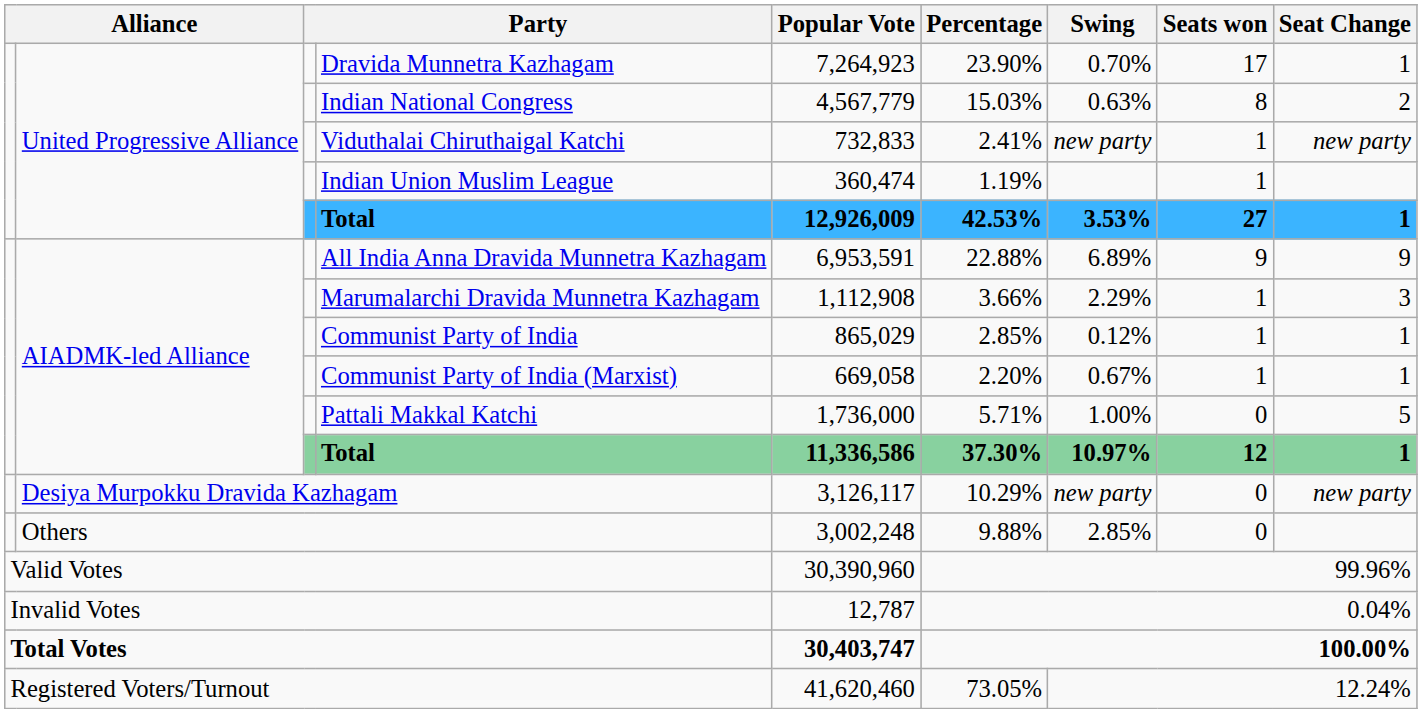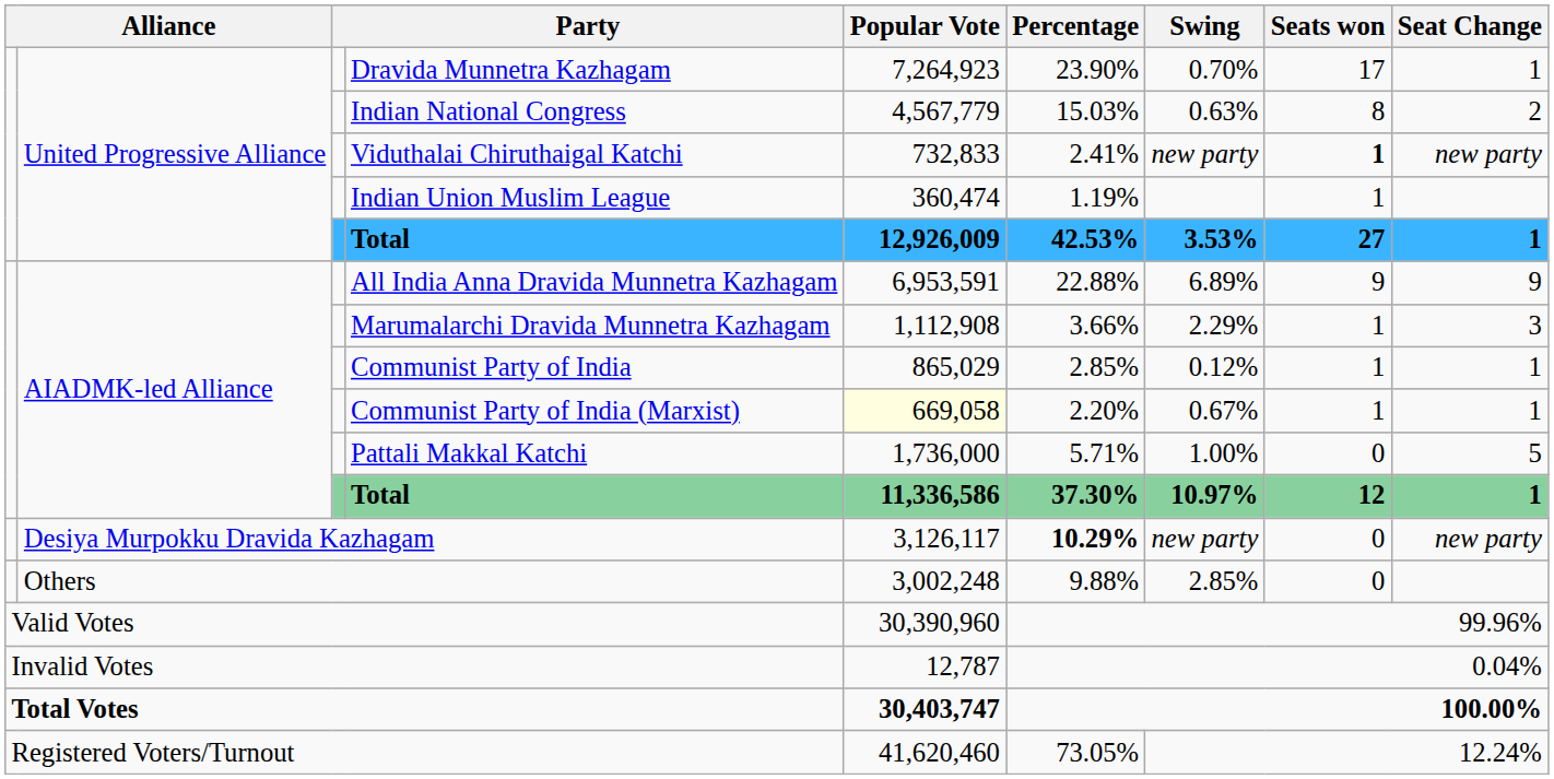 <table class='wikitable'>
 <tr>
 <th colspan="2" align=centre>Alliance</th>
 <th colspan="2" align=centre>Party</th>
 <th align=centre>Popular Vote</th>
 <th align=centre>Percentage</th>
 <th align=centre>Swing</th>
 <th align=centre>Seats won</th>
 <th align=centre>Seat Change</th>
 </tr>
 <tr>
 <td rowspan="5"></td>
 <td rowspan="5"><a href='#'>United Progressive Alliance</a></td>
 <td></td>
 <td><a href='#'>Dravida Munnetra Kazhagam</a></td>
 <td align=right>7,264,923</td>
 <td align=right>23.90%</td>
 <td align=right>0.70%</td>
 <td align=right>17</td>
 <td align=right>1</td>
 </tr>
 <tr>
 <td></td>
 <td><a href='#'>Indian National Congress</a></td>
 <td align=right>4,567,779</td>
 <td align=right>15.03%</td>
 <td align=right>0.63%</td>
 <td align=right>8</td>
 <td align=right>2</td>
 </tr>
 <tr>
 <td></td>
 <td><a href='#'>Viduthalai Chiruthaigal Katchi</a></td>
 <td align=right>732,833</td>
 <td align=right>2.41%</td>
 <td align=right><em>new party</em></td>
-<td align=right>1</td>
+<td align=right><strong>1</strong></td>
 <td align=right><em>new party</em></td>
 </tr>
 <tr>
 <td></td>
 <td><a href='#'>Indian Union Muslim League</a></td>
 <td align=right>360,474</td>
 <td align=right>1.19%</td>
 <td align=right></td>
 <td align=right>1</td>
 <td align=right></td>
 </tr>
 <tr>
 <td style="background:#3BB4FF"></td>
 <td style="background:#3BB4FF" align=left><strong>Total</strong></td>
 <td style="background:#3BB4FF" align=right><strong>12,926,009</strong></td>
 <td style="background:#3BB4FF" align=right><strong>42.53%</strong></td>
 <td style="background:#3BB4FF" align=right><strong>3.53%</strong></td>
 <td style="background:#3BB4FF" align=right><strong>27</strong></td>
 <td style="background:#3BB4FF" align=right><strong>1</strong></td>
 </tr>
 <tr>
 <td rowspan="6"></td>
 <td rowspan="6"><a href='#'>AIADMK-led Alliance</a></td>
 <td></td>
 <td><a href='#'>All India Anna Dravida Munnetra Kazhagam</a></td>
 <td align=right>6,953,591</td>
 <td align=right>22.88%</td>
 <td align=right>6.89%</td>
 <td align=right>9</td>
 <td align=right>9</td>
 </tr>
 <tr>
 <td></td>
 <td><a href='#'>Marumalarchi Dravida Munnetra Kazhagam</a></td>
 <td align=right>1,112,908</td>
 <td align=right>3.66%</td>
 <td align=right>2.29%</td>
 <td align=right>1</td>
 <td align=right>3</td>
 </tr>
 <tr>
 <td></td>
 <td><a href='#'>Communist Party of India</a></td>
 <td align=right>865,029</td>
 <td align=right>2.85%</td>
 <td align=right>0.12%</td>
 <td align=right>1</td>
 <td align=right>1</td>
 </tr>
 <tr>
 <td></td>
 <td><a href='#'>Communist Party of India (Marxist)</a></td>
-<td align=right>669,058</td>
+<td align=right style="background: lightyellow;">669,058</td>
 <td align=right>2.20%</td>
 <td align=right>0.67%</td>
 <td align=right>1</td>
 <td align=right>1</td>
 </tr>
 <tr>
 <td></td>
 <td><a href='#'>Pattali Makkal Katchi</a></td>
 <td align=right>1,736,000</td>
 <td align=right>5.71%</td>
 <td align=right>1.00%</td>
 <td align=right>0</td>
 <td align=right>5</td>
 </tr>
 <tr>
 <td style="background:#88D19F"></td>
 <td style="background:#88D19F" align=left><strong>Total</strong></td>
 <td style="background:#88D19F" align=right><strong>11,336,586</strong></td>
 <td style="background:#88D19F" align=right><strong>37.30%</strong></td>
 <td style="background:#88D19F" align=right><strong>10.97%</strong></td>
 <td style="background:#88D19F" align=right><strong>12</strong></td>
 <td style="background:#88D19F" align=right><strong>1</strong></td>
 </tr>
 <tr>
 <td></td>
 <td colspan="3" align=left><a href='#'>Desiya Murpokku Dravida Kazhagam</a></td>
 <td align=right>3,126,117</td>
-<td align=right>10.29%</td>
+<td align=right><strong>10.29%</strong></td>
 <td align=right><em>new party</em></td>
 <td align=right>0</td>
 <td align=right><em>new party</em></td>
 </tr>
 <tr>
 <td></td>
 <td colspan="3" align=left>Others</td>
 <td align=right>3,002,248</td>
 <td align=right>9.88%</td>
 <td align=right>2.85%</td>
 <td align=right>0</td>
 <td align=right></td>
 </tr>
 <tr>
 <td colspan="4" align=left>Valid Votes</td>
 <td align=right>30,390,960</td>
 <td colspan="4" align=right>99.96%</td>
 </tr>
 <tr>
 <td colspan="4" align=left>Invalid Votes</td>
 <td align=right>12,787</td>
 <td colspan="4" align=right>0.04%</td>
 </tr>
 <tr>
 <td colspan="4" align=left><strong>Total Votes</strong></td>
 <td align=right><strong>30,403,747</strong></td>
 <td colspan="4" align=right><strong>100.00%</strong></td>
 </tr>
 <tr>
 <td colspan="4" align=left>Registered Voters/Turnout</td>
 <td align=right>41,620,460</td>
 <td align=right>73.05%</td>
 <td colspan="3" align=right>12.24%</td>
 </tr>
 </table>
